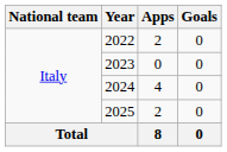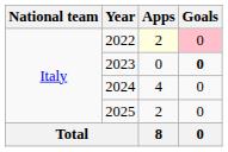 <table class="wikitable" style="text-align:center">
 <tr>
 <th>National team</th>
 <th>Year</th>
 <th>Apps</th>
 <th>Goals</th>
 </tr>
 <tr>
 <td rowspan="4"><a href='#'>Italy</a></td>
 <td>2022</td>
-<td>2</td>
-<td>0</td>
+<td style="background: lightyellow;">2</td>
+<td style="background: pink;">0</td>
 </tr>
 <tr>
 <td>2023</td>
 <td>0</td>
-<td>0</td>
+<td><strong>0</strong></td>
 </tr>
 <tr>
 <td>2024</td>
 <td>4</td>
 <td>0</td>
 </tr>
 <tr>
 <td>2025</td>
 <td>2</td>
 <td>0</td>
 </tr>
 <tr>
 <th colspan="2">Total</th>
 <th>8</th>
 <th>0</th>
 </tr>
 </table>
